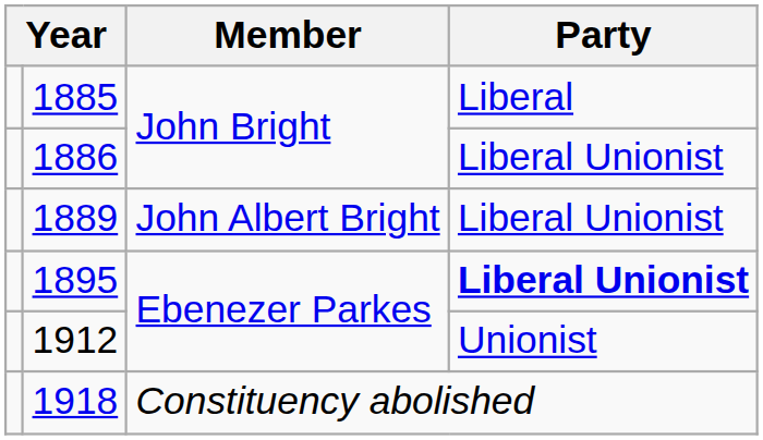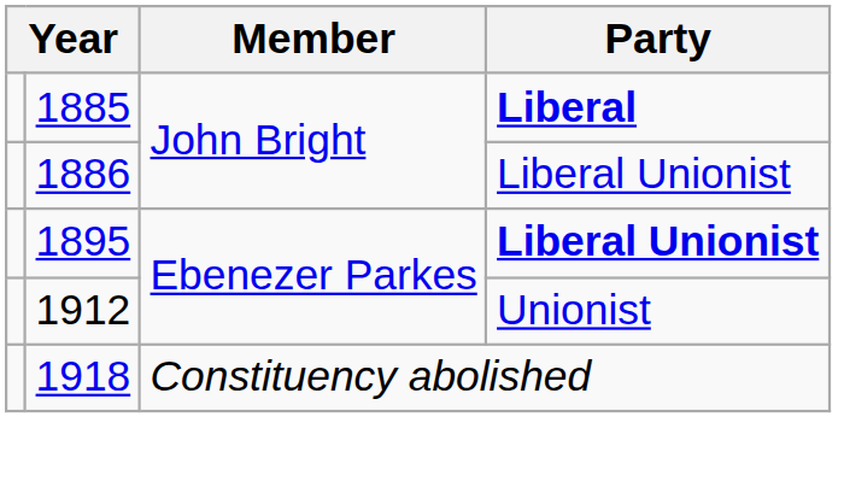 <table class="wikitable">
 <tr>
 <th colspan="2">Year</th>
 <th>Member</th>
 <th>Party</th>
 </tr>
 <tr>
 <td style="color:inherit;background-color: "></td>
 <td><a href='#'>1885</a></td>
 <td rowspan="2"><a href='#'>John Bright</a></td>
-<td><a href='#'>Liberal</a></td>
+<td><strong><a href='#'>Liberal</a></strong></td>
 </tr>
 <tr>
 <td style="color:inherit;background-color: "></td>
 <td><a href='#'>1886</a></td>
-<td><a href='#'>Liberal Unionist</a></td>
-</tr>
-<tr>
-<td style="color:inherit;background-color: "></td>
-<td><a href='#'>1889</a></td>
-<td><a href='#'>John Albert Bright</a></td>
 <td><a href='#'>Liberal Unionist</a></td>
 </tr>
 <tr>
 <td style="color:inherit;background-color: "></td>
 <td><a href='#'>1895</a></td>
 <td rowspan="2"><a href='#'>Ebenezer Parkes</a></td>
 <td><strong><a href='#'>Liberal Unionist</a></strong></td>
 </tr>
 <tr>
 <td style="color:inherit;background-color: "></td>
 <td>1912</td>
 <td><a href='#'>Unionist</a></td>
 </tr>
 <tr>
 <td></td>
 <td><a href='#'>1918</a></td>
 <td colspan="2"><em>Constituency abolished</em></td>
 </tr>
 </table>
